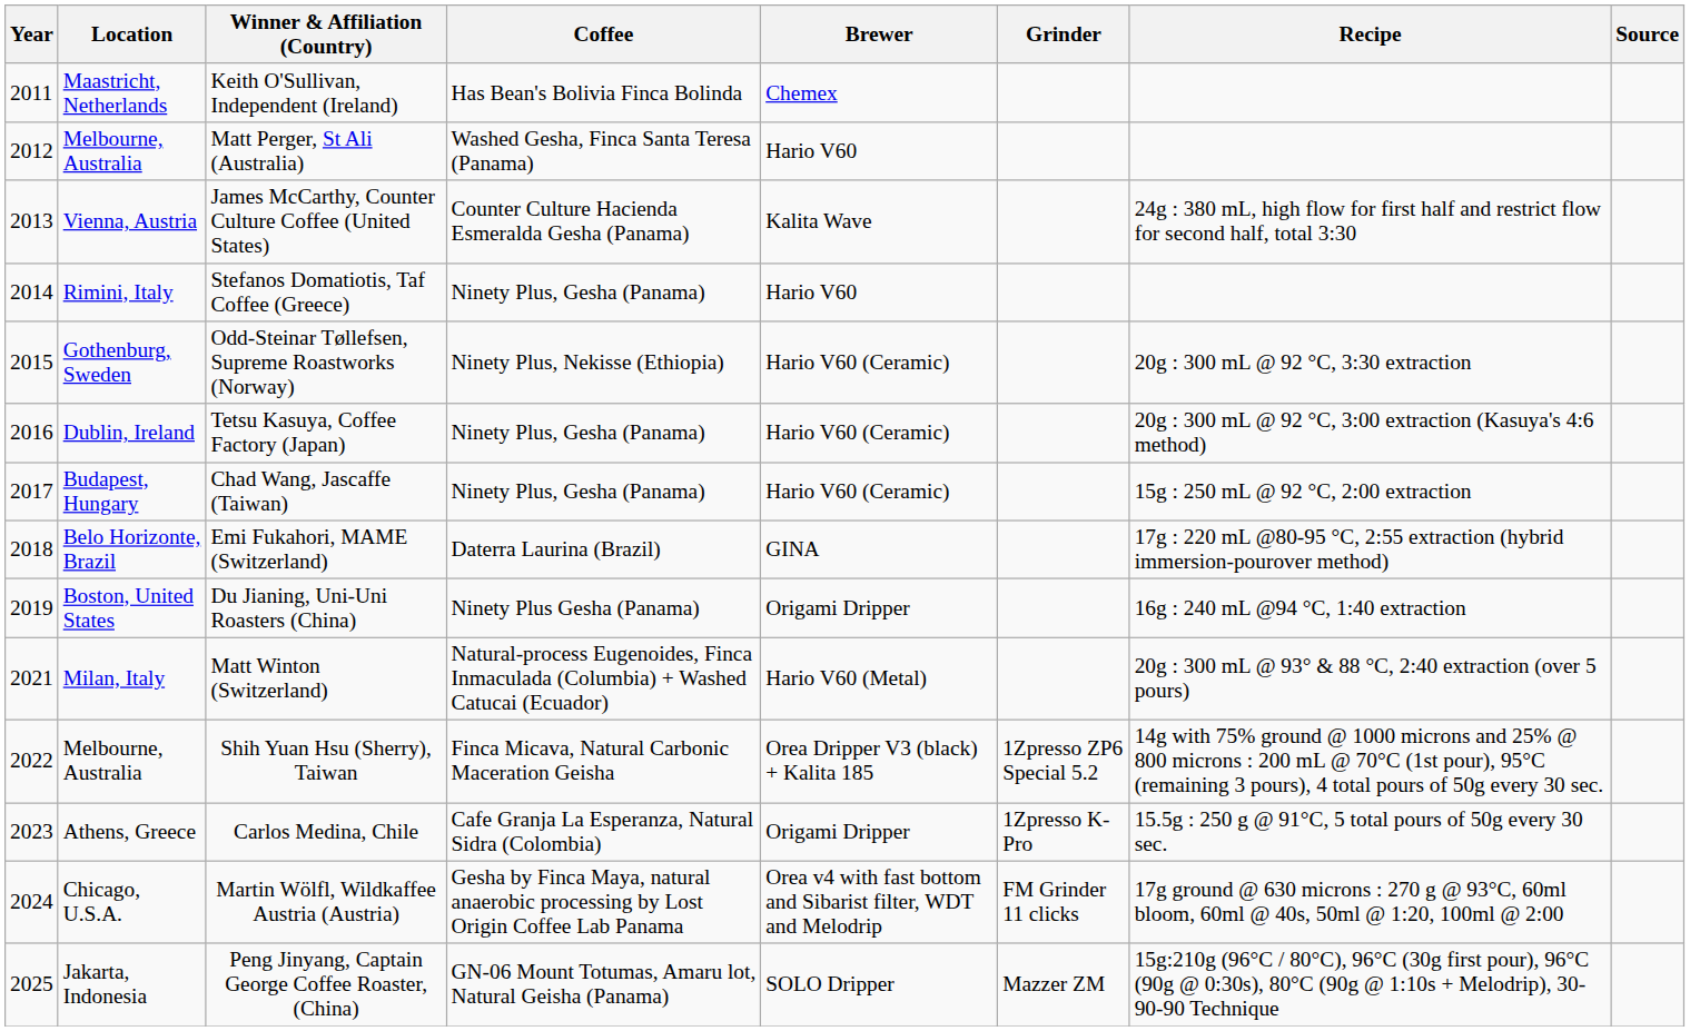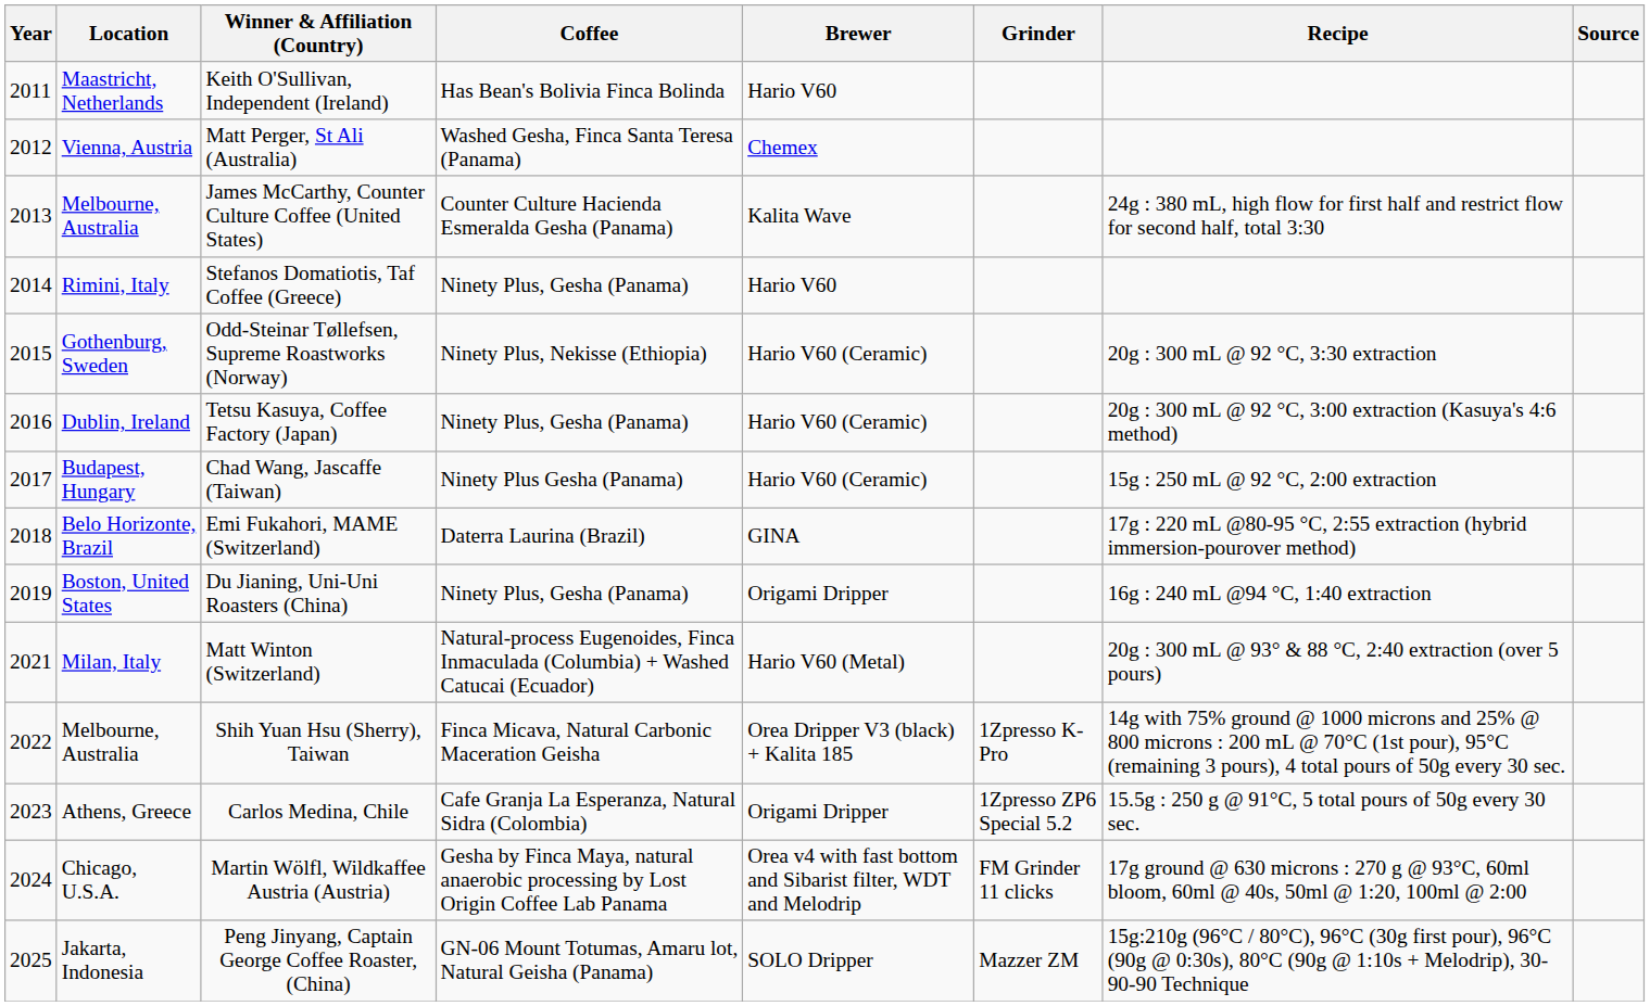 <table class="wikitable">
 <tr>
 <th>Year</th>
 <th>Location</th>
 <th>Winner & Affiliation (Country)</th>
 <th>Coffee</th>
 <th>Brewer</th>
 <th>Grinder</th>
 <th>Recipe</th>
 <th>Source</th>
 </tr>
 <tr>
 <td>2011</td>
 <td><a href='#'>Maastricht, Netherlands</a></td>
 <td>Keith O'Sullivan, Independent (Ireland)</td>
 <td>Has Bean's Bolivia Finca Bolinda</td>
+<td>Hario V60</td>
+<td></td>
+<td></td>
+<td></td>
+</tr>
+<tr>
+<td>2012</td>
+<td><a href='#'>Vienna, Austria</a></td>
+<td>Matt Perger, <a href='#'>St Ali</a> (Australia)</td>
+<td>Washed Gesha, Finca Santa Teresa (Panama)</td>
 <td><a href='#'>Chemex</a></td>
 <td></td>
 <td></td>
 <td></td>
 </tr>
 <tr>
-<td>2012</td>
+<td>2013</td>
 <td><a href='#'>Melbourne, Australia</a></td>
-<td>Matt Perger, <a href='#'>St Ali</a> (Australia)</td>
-<td>Washed Gesha, Finca Santa Teresa (Panama)</td>
-<td>Hario V60</td>
-<td></td>
-<td></td>
-<td></td>
-</tr>
-<tr>
-<td>2013</td>
-<td><a href='#'>Vienna, Austria</a></td>
 <td>James McCarthy, Counter Culture Coffee (United States)</td>
 <td>Counter Culture Hacienda Esmeralda Gesha (Panama)</td>
 <td>Kalita Wave</td>
 <td></td>
 <td>24g : 380 mL, high flow for first half and restrict flow for second half, total 3:30</td>
 <td></td>
 </tr>
 <tr>
 <td>2014</td>
 <td><a href='#'>Rimini, Italy</a></td>
 <td>Stefanos Domatiotis, Taf Coffee (Greece)</td>
 <td>Ninety Plus, Gesha (Panama)</td>
 <td>Hario V60</td>
 <td></td>
 <td></td>
 <td></td>
 </tr>
 <tr>
 <td>2015</td>
 <td><a href='#'>Gothenburg, Sweden</a></td>
 <td>Odd-Steinar Tøllefsen, Supreme Roastworks (Norway)</td>
 <td>Ninety Plus, Nekisse (Ethiopia)</td>
 <td>Hario V60 (Ceramic)</td>
 <td></td>
 <td>20g : 300 mL @ 92 °C, 3:30 extraction</td>
 <td></td>
 </tr>
 <tr>
 <td>2016</td>
 <td><a href='#'>Dublin, Ireland</a></td>
 <td>Tetsu Kasuya, Coffee Factory (Japan)</td>
 <td>Ninety Plus, Gesha (Panama)</td>
 <td>Hario V60 (Ceramic)</td>
 <td></td>
 <td>20g : 300 mL @ 92 °C, 3:00 extraction (Kasuya's 4:6 method)</td>
 <td></td>
 </tr>
 <tr>
 <td>2017</td>
 <td><a href='#'>Budapest, Hungary</a></td>
 <td>Chad Wang, Jascaffe (Taiwan)</td>
-<td>Ninety Plus, Gesha (Panama)</td>
+<td>Ninety Plus Gesha (Panama)</td>
 <td>Hario V60 (Ceramic)</td>
 <td></td>
 <td>15g : 250 mL @ 92 °C, 2:00 extraction</td>
 <td></td>
 </tr>
 <tr>
 <td>2018</td>
 <td><a href='#'>Belo Horizonte, Brazil</a></td>
 <td>Emi Fukahori, MAME (Switzerland)</td>
 <td>Daterra Laurina (Brazil)</td>
 <td>GINA</td>
 <td></td>
 <td>17g : 220 mL @80-95 °C, 2:55 extraction (hybrid immersion-pourover method)</td>
 <td></td>
 </tr>
 <tr>
 <td>2019</td>
 <td><a href='#'>Boston, United States</a></td>
 <td>Du Jianing, Uni-Uni Roasters (China)</td>
-<td>Ninety Plus Gesha (Panama)</td>
+<td>Ninety Plus, Gesha (Panama)</td>
 <td>Origami Dripper</td>
 <td></td>
 <td>16g : 240 mL @94 °C, 1:40 extraction</td>
 <td></td>
 </tr>
 <tr>
 <td>2021</td>
 <td><a href='#'>Milan, Italy</a></td>
 <td>Matt Winton (Switzerland)</td>
 <td>Natural-process Eugenoides, Finca Inmaculada (Columbia) + Washed Catucai (Ecuador)</td>
 <td>Hario V60 (Metal)</td>
 <td></td>
 <td>20g : 300 mL @ 93° & 88 °C, 2:40 extraction (over 5 pours)</td>
 <td></td>
 </tr>
 <tr>
 <td>2022</td>
 <td>Melbourne, Australia</td>
 <td align="center">Shih Yuan Hsu (Sherry), Taiwan</td>
 <td>Finca Micava, Natural Carbonic Maceration Geisha</td>
 <td>Orea Dripper V3 (black) + Kalita 185</td>
-<td>1Zpresso ZP6 Special 5.2</td>
+<td>1Zpresso K-Pro</td>
 <td>14g with 75% ground @ 1000 microns and 25% @ 800 microns : 200 mL @ 70°C (1st pour), 95°C (remaining 3 pours), 4 total pours of 50g every 30 sec.</td>
 <td></td>
 </tr>
 <tr>
 <td>2023</td>
 <td>Athens, Greece</td>
 <td align="center">Carlos Medina, Chile</td>
 <td>Cafe Granja La Esperanza, Natural Sidra (Colombia)</td>
 <td>Origami Dripper</td>
-<td>1Zpresso K-Pro</td>
+<td>1Zpresso ZP6 Special 5.2</td>
 <td>15.5g : 250 g @ 91°C, 5 total pours of 50g every 30 sec.</td>
 <td></td>
 </tr>
 <tr>
 <td>2024</td>
 <td>Chicago, U.S.A.</td>
 <td align="center">Martin Wölfl, Wildkaffee Austria (Austria⁣)</td>
 <td>Gesha by Finca Maya, natural anaerobic processing by Lost Origin Coffee Lab Panama</td>
 <td>Orea v4 with fast bottom and Sibarist filter, WDT and Melodrip</td>
 <td>FM Grinder 11 clicks</td>
 <td>17g ground @ 630 microns : 270 g @ 93°C, 60ml bloom, 60ml @ 40s, 50ml @ 1:20, 100ml @ 2:00</td>
 <td></td>
 </tr>
 <tr>
 <td>2025</td>
 <td>Jakarta, Indonesia</td>
 <td align="center">Peng Jinyang, Captain George Coffee Roaster, (China)</td>
 <td>GN-06 Mount Totumas, Amaru lot, Natural Geisha (Panama)</td>
 <td>SOLO Dripper</td>
 <td>Mazzer ZM</td>
 <td>15g:210g (96°C / 80°C), 96°C (30g first pour), 96°C (90g @ 0:30s), 80°C (90g @ 1:10s + Melodrip), 30-90-90 Technique</td>
 <td></td>
 </tr>
 </table>
